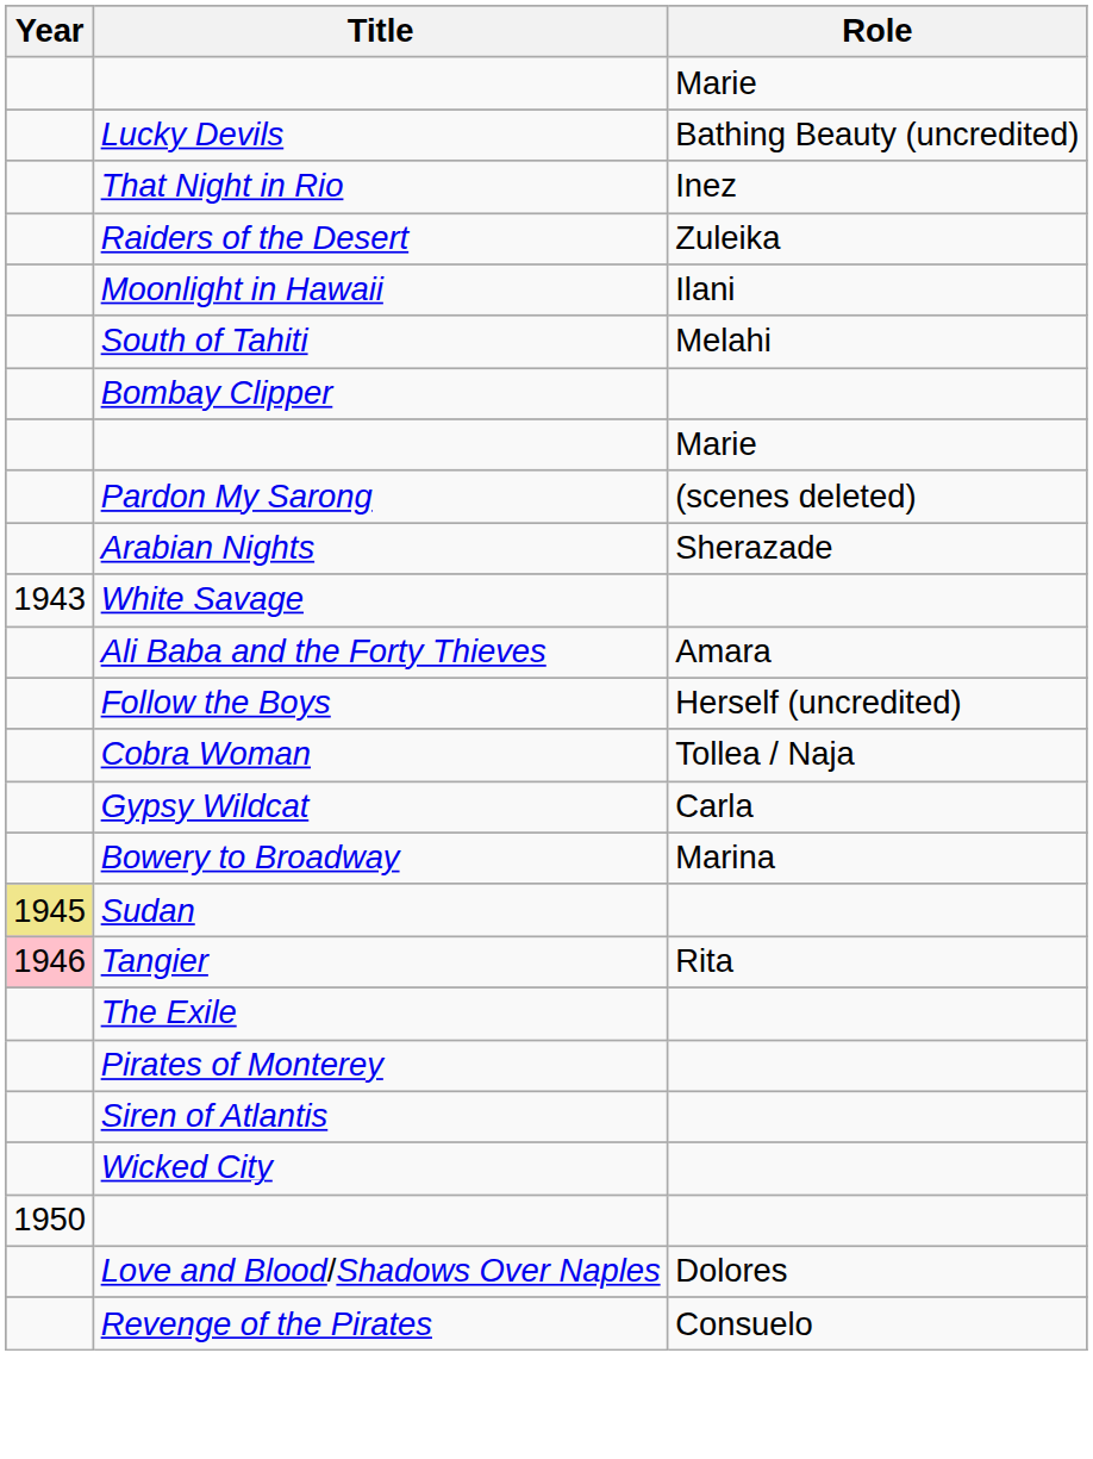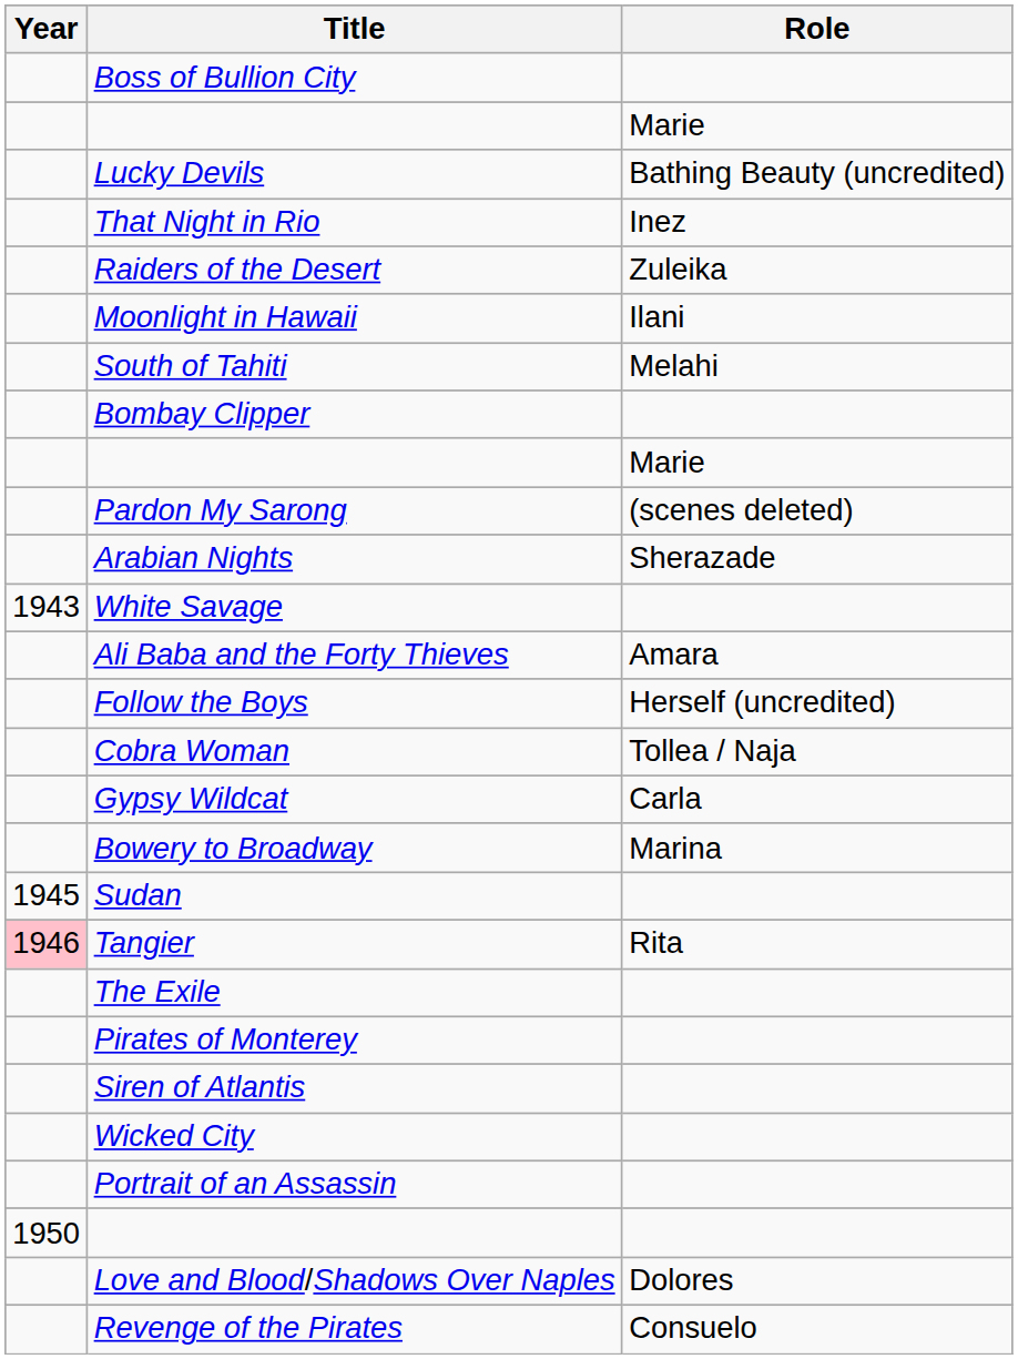 <table class="wikitable sortable">
 <tr>
 <th>Year</th>
 <th>Title</th>
 <th>Role</th>
+</tr>
+<tr>
+<td></td>
+<td><em><a href='#'>Boss of Bullion City</a></em></td>
+<td></td>
 </tr>
 <tr>
 <td></td>
 <td><em></em></td>
 <td>Marie</td>
 </tr>
 <tr>
 <td></td>
 <td><em><a href='#'>Lucky Devils</a></em></td>
 <td>Bathing Beauty (uncredited)</td>
 </tr>
 <tr>
 <td></td>
 <td><em><a href='#'>That Night in Rio</a></em></td>
 <td>Inez</td>
 </tr>
 <tr>
 <td></td>
 <td><em><a href='#'>Raiders of the Desert</a></em></td>
 <td>Zuleika</td>
 </tr>
 <tr>
 <td></td>
 <td><em><a href='#'>Moonlight in Hawaii</a></em></td>
 <td>Ilani</td>
 </tr>
 <tr>
 <td></td>
 <td><em><a href='#'>South of Tahiti</a></em></td>
 <td>Melahi</td>
 </tr>
 <tr>
 <td></td>
 <td><em><a href='#'>Bombay Clipper</a></em></td>
 <td></td>
 </tr>
 <tr>
 <td></td>
 <td><em></em></td>
 <td>Marie</td>
 </tr>
 <tr>
 <td></td>
 <td><em><a href='#'>Pardon My Sarong</a></em></td>
 <td>(scenes deleted)</td>
 </tr>
 <tr>
 <td></td>
 <td><em><a href='#'>Arabian Nights</a></em></td>
 <td>Sherazade</td>
 </tr>
 <tr>
 <td>1943</td>
 <td><em><a href='#'>White Savage</a></em></td>
 <td></td>
 </tr>
 <tr>
 <td></td>
 <td><em><a href='#'>Ali Baba and the Forty Thieves</a></em></td>
 <td>Amara</td>
 </tr>
 <tr>
 <td></td>
 <td><em><a href='#'>Follow the Boys</a></em></td>
 <td>Herself (uncredited)</td>
 </tr>
 <tr>
 <td></td>
 <td><em><a href='#'>Cobra Woman</a></em></td>
 <td>Tollea / Naja</td>
 </tr>
 <tr>
 <td></td>
 <td><em><a href='#'>Gypsy Wildcat</a></em></td>
 <td>Carla</td>
 </tr>
 <tr>
 <td></td>
 <td><em><a href='#'>Bowery to Broadway</a></em></td>
 <td>Marina</td>
 </tr>
 <tr>
-<td style="background: khaki;">1945</td>
+<td>1945</td>
 <td><em><a href='#'>Sudan</a></em></td>
 <td></td>
 </tr>
 <tr>
 <td style="background: pink;">1946</td>
 <td><em><a href='#'>Tangier</a></em></td>
 <td>Rita</td>
 </tr>
 <tr>
 <td></td>
 <td><em><a href='#'>The Exile</a></em></td>
 <td></td>
 </tr>
 <tr>
 <td></td>
 <td><em><a href='#'>Pirates of Monterey</a></em></td>
 <td></td>
 </tr>
 <tr>
 <td></td>
 <td><em><a href='#'>Siren of Atlantis</a></em></td>
 <td></td>
 </tr>
 <tr>
 <td></td>
 <td><em><a href='#'>Wicked City</a></em></td>
 <td></td>
 </tr>
 <tr>
+<td></td>
+<td><em><a href='#'>Portrait of an Assassin</a></em></td>
+<td></td>
+</tr>
+<tr>
 <td>1950</td>
 <td><em></em></td>
 <td></td>
 </tr>
 <tr>
 <td></td>
 <td><em><a href='#'>Love and Blood</a></em>/<em><a href='#'>Shadows Over Naples</a></em></td>
 <td>Dolores</td>
 </tr>
 <tr>
 <td></td>
 <td><em><a href='#'>Revenge of the Pirates</a></em></td>
 <td>Consuelo</td>
 </tr>
 </table>
